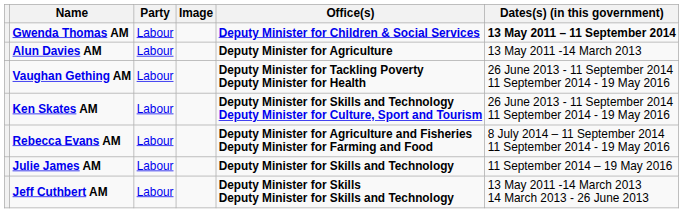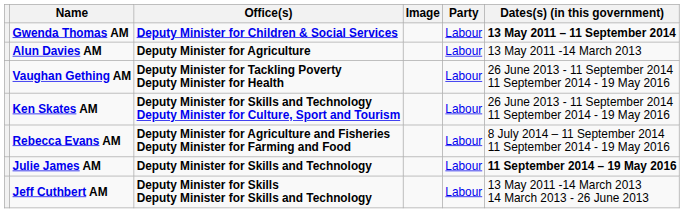 <table class="wikitable">
 <tr>
 <th></th>
 <th>Name</th>
+<th>Office(s)</th>
+<th>Image</th>
 <th>Party</th>
-<th>Image</th>
-<th>Office(s)</th>
 <th>Dates(s) (in this government)</th>
 </tr>
 <tr>
 <th style="background-color: "></th>
 <td><strong><a href='#'>Gwenda Thomas</a> AM</strong></td>
+<td><strong><a href='#'>Deputy Minister for Children & Social Services</a></strong></td>
+<td></td>
 <td><a href='#'>Labour</a></td>
-<td></td>
-<td><strong><a href='#'>Deputy Minister for Children & Social Services</a></strong></td>
 <td><strong>13 May 2011 – 11 September 2014</strong></td>
 </tr>
 <tr>
 <th style="background-color: "></th>
 <td><strong><a href='#'>Alun Davies</a> AM</strong></td>
+<td><strong>Deputy Minister for Agriculture </strong></td>
+<td></td>
 <td><a href='#'>Labour</a></td>
-<td></td>
-<td><strong>Deputy Minister for Agriculture </strong></td>
 <td>13 May 2011 -14 March 2013</td>
 </tr>
 <tr>
 <th style="background-color: "></th>
 <td><strong><a href='#'>Vaughan Gething</a> AM</strong></td>
+<td><strong>Deputy Minister for Tackling Poverty</strong> <br> <strong>Deputy Minister for Health</strong></td>
+<td></td>
 <td><a href='#'>Labour</a></td>
-<td></td>
-<td><strong>Deputy Minister for Tackling Poverty</strong> <br> <strong>Deputy Minister for Health</strong></td>
 <td>26 June 2013 - 11 September 2014 <br> 11 September 2014 - 19 May 2016</td>
 </tr>
 <tr>
 <th style="background-color: "></th>
 <td><strong><a href='#'>Ken Skates</a> AM</strong></td>
+<td><strong>Deputy Minister for Skills and Technology</strong> <br> <strong><a href='#'>Deputy Minister for Culture, Sport and Tourism</a></strong></td>
+<td></td>
 <td><a href='#'>Labour</a></td>
-<td></td>
-<td><strong>Deputy Minister for Skills and Technology</strong> <br> <strong><a href='#'>Deputy Minister for Culture, Sport and Tourism</a></strong></td>
 <td>26 June 2013 - 11 September 2014 <br> 11 September 2014 - 19 May 2016</td>
 </tr>
 <tr>
 <th style="background-color: "></th>
 <td><strong><a href='#'>Rebecca Evans</a> AM</strong></td>
+<td><strong>Deputy Minister for Agriculture and Fisheries</strong><br> <strong>Deputy Minister for Farming and Food</strong></td>
+<td></td>
 <td><a href='#'>Labour</a></td>
-<td></td>
-<td><strong>Deputy Minister for Agriculture and Fisheries</strong><br> <strong>Deputy Minister for Farming and Food</strong></td>
 <td>8 July 2014 – 11 September 2014  <br> 11 September 2014 - 19 May 2016</td>
 </tr>
 <tr>
 <th style="background-color: "></th>
 <td><strong><a href='#'>Julie James</a> AM</strong></td>
+<td><strong>Deputy Minister for Skills and Technology</strong></td>
+<td></td>
 <td><a href='#'>Labour</a></td>
-<td></td>
-<td><strong>Deputy Minister for Skills and Technology</strong></td>
-<td>11 September 2014 – 19 May 2016</td>
+<td><strong>11 September 2014 – 19 May 2016</strong></td>
 </tr>
 <tr>
 <th style="background-color: "></th>
 <td><strong><a href='#'>Jeff Cuthbert</a> AM</strong></td>
+<td><strong>Deputy Minister for Skills </strong> <br> <strong>Deputy Minister for Skills and Technology</strong></td>
+<td></td>
 <td><a href='#'>Labour</a></td>
-<td></td>
-<td><strong>Deputy Minister for Skills </strong> <br> <strong>Deputy Minister for Skills and Technology</strong></td>
 <td>13 May 2011 -14 March 2013 <br> 14 March 2013 - 26 June 2013</td>
 </tr>
 </table>
